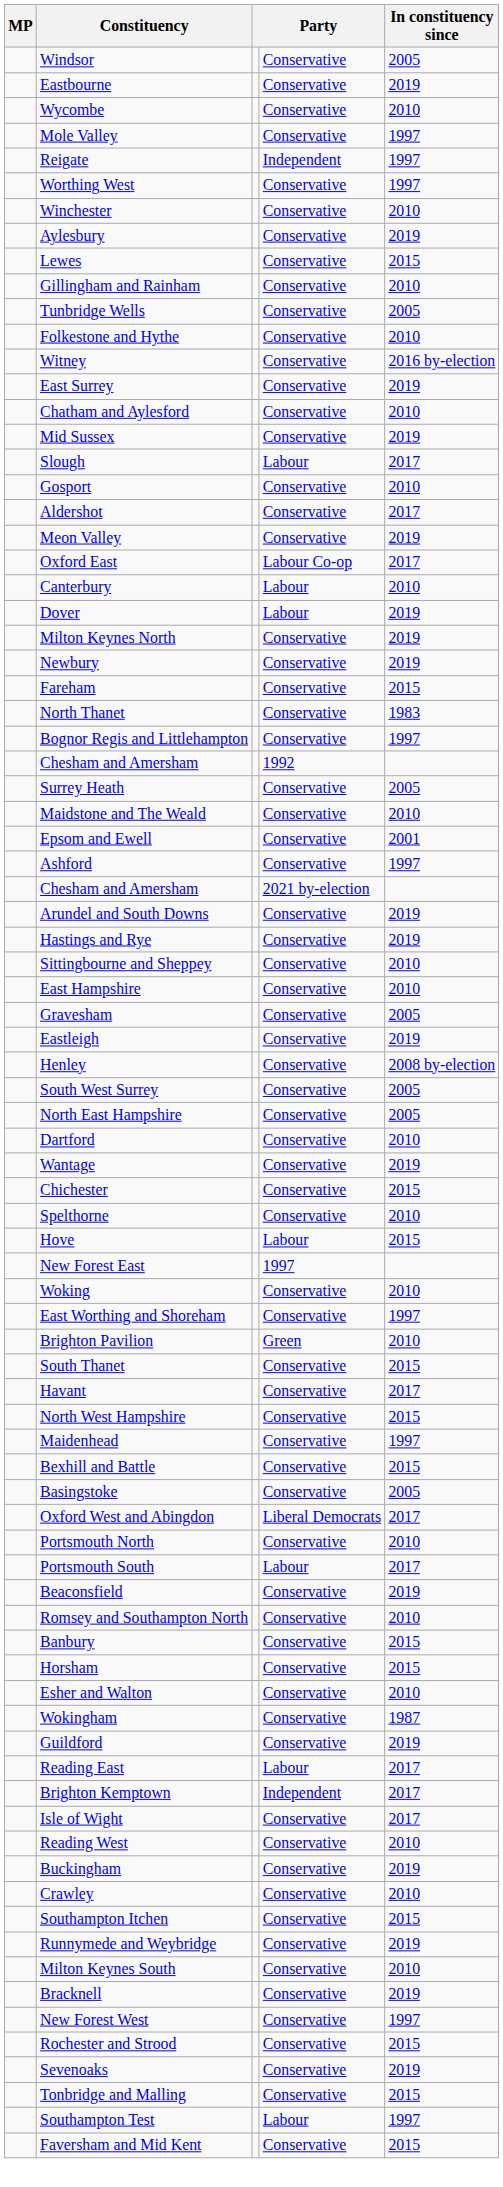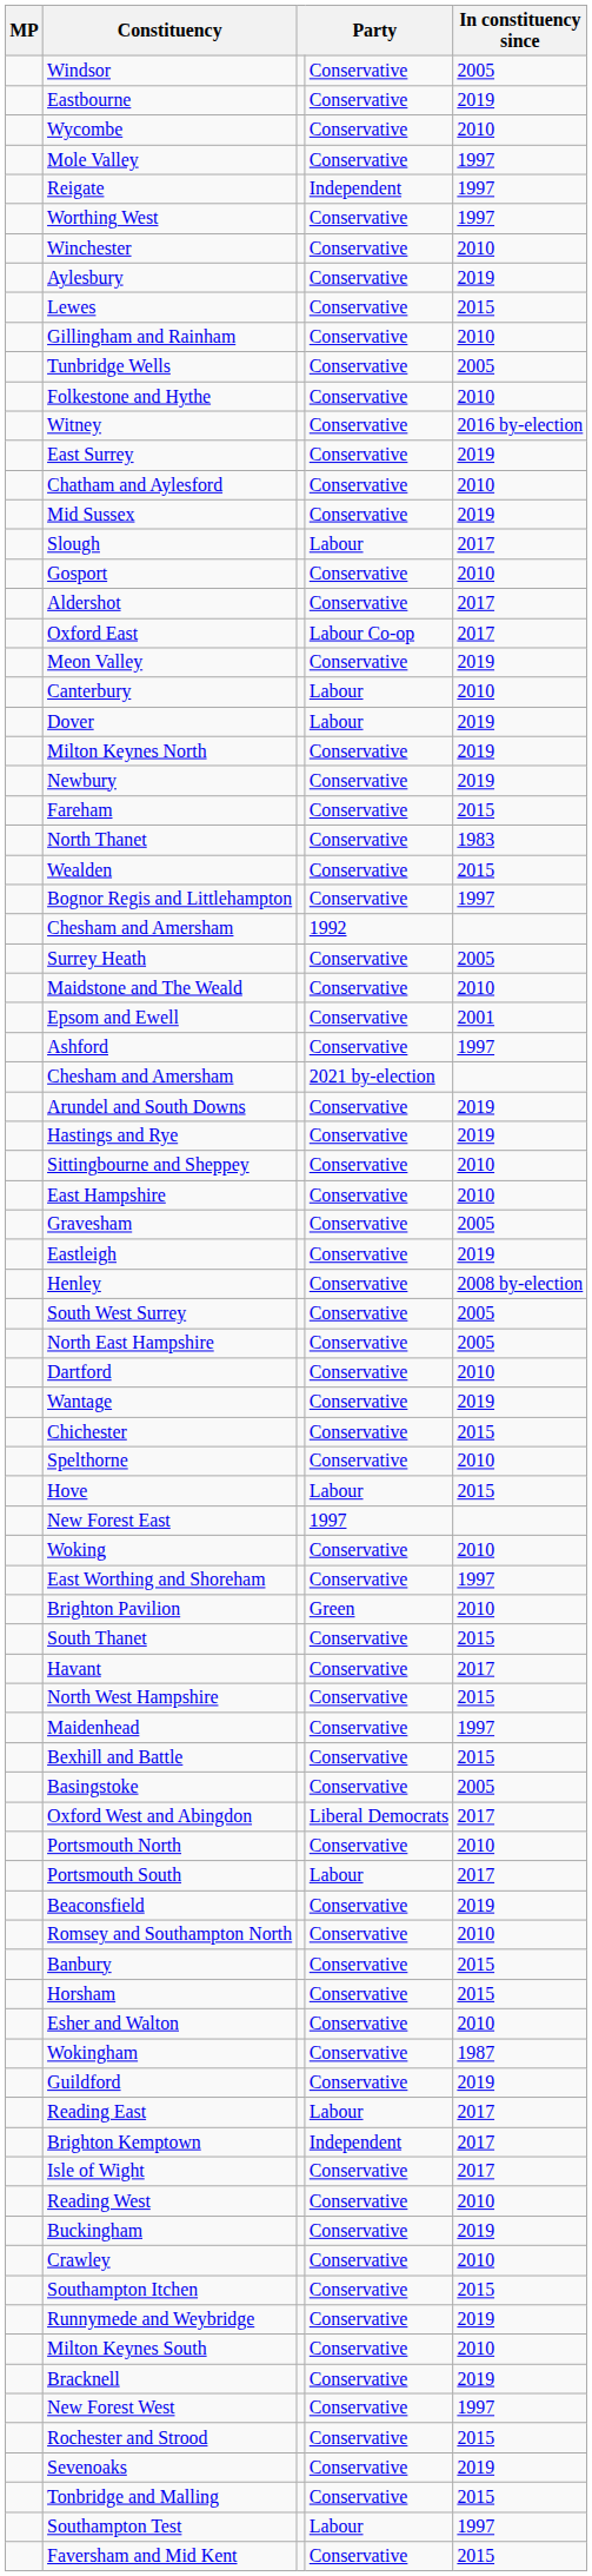 <table class="wikitable sortable">
 <tr>
 <th>MP</th>
 <th>Constituency</th>
 <th colspan="2">Party</th>
 <th>In constituency<br>since</th>
 </tr>
 <tr>
 <td></td>
 <td><a href='#'>Windsor</a></td>
 <td style="color:inherit;background-color: "></td>
 <td><a href='#'>Conservative</a></td>
 <td><a href='#'>2005</a></td>
 </tr>
 <tr>
 <td></td>
 <td><a href='#'>Eastbourne</a></td>
 <td style="color:inherit;background-color: "></td>
 <td><a href='#'>Conservative</a></td>
 <td><a href='#'>2019</a></td>
 </tr>
 <tr>
 <td></td>
 <td><a href='#'>Wycombe</a></td>
 <td style="color:inherit;background-color: "></td>
 <td><a href='#'>Conservative</a></td>
 <td><a href='#'>2010</a></td>
 </tr>
 <tr>
 <td></td>
 <td><a href='#'>Mole Valley</a></td>
 <td style="color:inherit;background-color: "></td>
 <td><a href='#'>Conservative</a></td>
 <td><a href='#'>1997</a></td>
 </tr>
 <tr>
 <td></td>
 <td><a href='#'>Reigate</a></td>
 <td style="color:inherit;background-color: "></td>
 <td><a href='#'>Independent</a></td>
 <td><a href='#'>1997</a></td>
 </tr>
 <tr>
 <td></td>
 <td><a href='#'>Worthing West</a></td>
 <td style="color:inherit;background-color: "></td>
 <td><a href='#'>Conservative</a></td>
 <td><a href='#'>1997</a></td>
 </tr>
 <tr>
 <td></td>
 <td><a href='#'>Winchester</a></td>
 <td style="color:inherit;background-color: "></td>
 <td><a href='#'>Conservative</a></td>
 <td><a href='#'>2010</a></td>
 </tr>
 <tr>
 <td></td>
 <td><a href='#'>Aylesbury</a></td>
 <td style="color:inherit;background-color: "></td>
 <td><a href='#'>Conservative</a></td>
 <td><a href='#'>2019</a></td>
 </tr>
 <tr>
 <td></td>
 <td><a href='#'>Lewes</a></td>
 <td style="color:inherit;background-color: "></td>
 <td><a href='#'>Conservative</a></td>
 <td><a href='#'>2015</a></td>
 </tr>
 <tr>
 <td></td>
 <td><a href='#'>Gillingham and Rainham</a></td>
 <td style="color:inherit;background-color: "></td>
 <td><a href='#'>Conservative</a></td>
 <td><a href='#'>2010</a></td>
 </tr>
 <tr>
 <td></td>
 <td><a href='#'>Tunbridge Wells</a></td>
 <td style="color:inherit;background-color: "></td>
 <td><a href='#'>Conservative</a></td>
 <td><a href='#'>2005</a></td>
 </tr>
 <tr>
 <td></td>
 <td><a href='#'>Folkestone and Hythe</a></td>
 <td style="color:inherit;background-color: "></td>
 <td><a href='#'>Conservative</a></td>
 <td><a href='#'>2010</a></td>
 </tr>
 <tr>
 <td></td>
 <td><a href='#'>Witney</a></td>
 <td style="color:inherit;background-color: "></td>
 <td><a href='#'>Conservative</a></td>
 <td><a href='#'>2016 by-election</a></td>
 </tr>
 <tr>
 <td></td>
 <td><a href='#'>East Surrey</a></td>
 <td style="color:inherit;background-color: "></td>
 <td><a href='#'>Conservative</a></td>
 <td><a href='#'>2019</a></td>
 </tr>
 <tr>
 <td></td>
 <td><a href='#'>Chatham and Aylesford</a></td>
 <td style="color:inherit;background-color: "></td>
 <td><a href='#'>Conservative</a></td>
 <td><a href='#'>2010</a></td>
 </tr>
 <tr>
 <td></td>
 <td><a href='#'>Mid Sussex</a></td>
 <td style="color:inherit;background-color: "></td>
 <td><a href='#'>Conservative</a></td>
 <td><a href='#'>2019</a></td>
 </tr>
 <tr>
 <td></td>
 <td><a href='#'>Slough</a></td>
 <td style="color:inherit;background-color: "></td>
 <td><a href='#'>Labour</a></td>
 <td><a href='#'>2017</a></td>
 </tr>
 <tr>
 <td></td>
 <td><a href='#'>Gosport</a></td>
 <td style="color:inherit;background-color: "></td>
 <td><a href='#'>Conservative</a></td>
 <td><a href='#'>2010</a></td>
 </tr>
 <tr>
 <td></td>
 <td><a href='#'>Aldershot</a></td>
 <td style="color:inherit;background-color: "></td>
 <td><a href='#'>Conservative</a></td>
 <td><a href='#'>2017</a></td>
 </tr>
 <tr>
 <td></td>
+<td><a href='#'>Oxford East</a></td>
+<td style="color:inherit;background-color: "></td>
+<td><a href='#'>Labour Co-op</a></td>
+<td><a href='#'>2017</a></td>
+</tr>
+<tr>
+<td></td>
 <td><a href='#'>Meon Valley</a></td>
 <td style="color:inherit;background-color: "></td>
 <td><a href='#'>Conservative</a></td>
 <td><a href='#'>2019</a></td>
-</tr>
-<tr>
-<td></td>
-<td><a href='#'>Oxford East</a></td>
-<td style="color:inherit;background-color: "></td>
-<td><a href='#'>Labour Co-op</a></td>
-<td><a href='#'>2017</a></td>
 </tr>
 <tr>
 <td></td>
 <td><a href='#'>Canterbury</a></td>
 <td style="color:inherit;background-color: "></td>
 <td><a href='#'>Labour</a></td>
 <td><a href='#'>2010</a></td>
 </tr>
 <tr>
 <td></td>
 <td><a href='#'>Dover</a></td>
 <td style="color:inherit;background-color: "></td>
 <td><a href='#'>Labour</a></td>
 <td><a href='#'>2019</a></td>
 </tr>
 <tr>
 <td></td>
 <td><a href='#'>Milton Keynes North</a></td>
 <td style="color:inherit;background-color: "></td>
 <td><a href='#'>Conservative</a></td>
 <td><a href='#'>2019</a></td>
 </tr>
 <tr>
 <td></td>
 <td><a href='#'>Newbury</a></td>
 <td style="color:inherit;background-color: "></td>
 <td><a href='#'>Conservative</a></td>
 <td><a href='#'>2019</a></td>
 </tr>
 <tr>
 <td></td>
 <td><a href='#'>Fareham</a></td>
 <td style="color:inherit;background-color: "></td>
 <td><a href='#'>Conservative</a></td>
 <td><a href='#'>2015</a></td>
 </tr>
 <tr>
 <td></td>
 <td><a href='#'>North Thanet</a></td>
 <td style="color:inherit;background-color: "></td>
 <td><a href='#'>Conservative</a></td>
 <td><a href='#'>1983</a></td>
+</tr>
+<tr>
+<td></td>
+<td><a href='#'>Wealden</a></td>
+<td style="color:inherit;background-color: "></td>
+<td><a href='#'>Conservative</a></td>
+<td><a href='#'>2015</a></td>
 </tr>
 <tr>
 <td></td>
 <td><a href='#'>Bognor Regis and Littlehampton</a></td>
 <td style="color:inherit;background-color: "></td>
 <td><a href='#'>Conservative</a></td>
 <td><a href='#'>1997</a></td>
 </tr>
 <tr>
 <td><em></em></td>
 <td><a href='#'>Chesham and Amersham</a></td>
 <td></td>
 <td><a href='#'>1992</a></td>
 </tr>
 <tr>
 <td></td>
 <td><a href='#'>Surrey Heath</a></td>
 <td style="color:inherit;background-color: "></td>
 <td><a href='#'>Conservative</a></td>
 <td><a href='#'>2005</a></td>
 </tr>
 <tr>
 <td></td>
 <td><a href='#'>Maidstone and The Weald</a></td>
 <td style="color:inherit;background-color: "></td>
 <td><a href='#'>Conservative</a></td>
 <td><a href='#'>2010</a></td>
 </tr>
 <tr>
 <td></td>
 <td><a href='#'>Epsom and Ewell</a></td>
 <td style="color:inherit;background-color: "></td>
 <td><a href='#'>Conservative</a></td>
 <td><a href='#'>2001</a></td>
 </tr>
 <tr>
 <td></td>
 <td><a href='#'>Ashford</a></td>
 <td style="color:inherit;background-color: "></td>
 <td><a href='#'>Conservative</a></td>
 <td><a href='#'>1997</a></td>
 </tr>
 <tr>
 <td></td>
 <td><a href='#'>Chesham and Amersham</a></td>
 <td></td>
 <td><a href='#'>2021 by-election</a></td>
 </tr>
 <tr>
 <td></td>
 <td><a href='#'>Arundel and South Downs</a></td>
 <td style="color:inherit;background-color: "></td>
 <td><a href='#'>Conservative</a></td>
 <td><a href='#'>2019</a></td>
 </tr>
 <tr>
 <td></td>
 <td><a href='#'>Hastings and Rye</a></td>
 <td style="color:inherit;background-color: "></td>
 <td><a href='#'>Conservative</a></td>
 <td><a href='#'>2019</a></td>
 </tr>
 <tr>
 <td></td>
 <td><a href='#'>Sittingbourne and Sheppey</a></td>
 <td style="color:inherit;background-color: "></td>
 <td><a href='#'>Conservative</a></td>
 <td><a href='#'>2010</a></td>
 </tr>
 <tr>
 <td></td>
 <td><a href='#'>East Hampshire</a></td>
 <td style="color:inherit;background-color: "></td>
 <td><a href='#'>Conservative</a></td>
 <td><a href='#'>2010</a></td>
 </tr>
 <tr>
 <td></td>
 <td><a href='#'>Gravesham</a></td>
 <td style="color:inherit;background-color: "></td>
 <td><a href='#'>Conservative</a></td>
 <td><a href='#'>2005</a></td>
 </tr>
 <tr>
 <td></td>
 <td><a href='#'>Eastleigh</a></td>
 <td style="color:inherit;background-color: "></td>
 <td><a href='#'>Conservative</a></td>
 <td><a href='#'>2019</a></td>
 </tr>
 <tr>
 <td></td>
 <td><a href='#'>Henley</a></td>
 <td style="color:inherit;background-color: "></td>
 <td><a href='#'>Conservative</a></td>
 <td><a href='#'>2008 by-election</a></td>
 </tr>
 <tr>
 <td></td>
 <td><a href='#'>South West Surrey</a></td>
 <td style="color:inherit;background-color: "></td>
 <td><a href='#'>Conservative</a></td>
 <td><a href='#'>2005</a></td>
 </tr>
 <tr>
 <td></td>
 <td><a href='#'>North East Hampshire</a></td>
 <td style="color:inherit;background-color: "></td>
 <td><a href='#'>Conservative</a></td>
 <td><a href='#'>2005</a></td>
 </tr>
 <tr>
 <td></td>
 <td><a href='#'>Dartford</a></td>
 <td style="color:inherit;background-color: "></td>
 <td><a href='#'>Conservative</a></td>
 <td><a href='#'>2010</a></td>
 </tr>
 <tr>
 <td></td>
 <td><a href='#'>Wantage</a></td>
 <td style="color:inherit;background-color: "></td>
 <td><a href='#'>Conservative</a></td>
 <td><a href='#'>2019</a></td>
 </tr>
 <tr>
 <td></td>
 <td><a href='#'>Chichester</a></td>
 <td style="color:inherit;background-color: "></td>
 <td><a href='#'>Conservative</a></td>
 <td><a href='#'>2015</a></td>
 </tr>
 <tr>
 <td></td>
 <td><a href='#'>Spelthorne</a></td>
 <td style="color:inherit;background-color: "></td>
 <td><a href='#'>Conservative</a></td>
 <td><a href='#'>2010</a></td>
 </tr>
 <tr>
 <td></td>
 <td><a href='#'>Hove</a></td>
 <td style="color:inherit;background-color: "></td>
 <td><a href='#'>Labour</a></td>
 <td><a href='#'>2015</a></td>
 </tr>
 <tr>
 <td></td>
 <td><a href='#'>New Forest East</a></td>
 <td></td>
 <td><a href='#'>1997</a></td>
 </tr>
 <tr>
 <td></td>
 <td><a href='#'>Woking</a></td>
 <td style="color:inherit;background-color: "></td>
 <td><a href='#'>Conservative</a></td>
 <td><a href='#'>2010</a></td>
 </tr>
 <tr>
 <td></td>
 <td><a href='#'>East Worthing and Shoreham</a></td>
 <td style="color:inherit;background-color: "></td>
 <td><a href='#'>Conservative</a></td>
 <td><a href='#'>1997</a></td>
 </tr>
 <tr>
 <td></td>
 <td><a href='#'>Brighton Pavilion</a></td>
 <td style="color:inherit;background-color: "></td>
 <td><a href='#'>Green</a></td>
 <td><a href='#'>2010</a></td>
 </tr>
 <tr>
 <td></td>
 <td><a href='#'>South Thanet</a></td>
 <td style="color:inherit;background-color: "></td>
 <td><a href='#'>Conservative</a></td>
 <td><a href='#'>2015</a></td>
 </tr>
 <tr>
 <td></td>
 <td><a href='#'>Havant</a></td>
 <td style="color:inherit;background-color: "></td>
 <td><a href='#'>Conservative</a></td>
 <td><a href='#'>2017</a></td>
 </tr>
 <tr>
 <td></td>
 <td><a href='#'>North West Hampshire</a></td>
 <td style="color:inherit;background-color: "></td>
 <td><a href='#'>Conservative</a></td>
 <td><a href='#'>2015</a></td>
 </tr>
 <tr>
 <td></td>
 <td><a href='#'>Maidenhead</a></td>
 <td style="color:inherit;background-color: "></td>
 <td><a href='#'>Conservative</a></td>
 <td><a href='#'>1997</a></td>
 </tr>
 <tr>
 <td></td>
 <td><a href='#'>Bexhill and Battle</a></td>
 <td style="color:inherit;background-color: "></td>
 <td><a href='#'>Conservative</a></td>
 <td><a href='#'>2015</a></td>
 </tr>
 <tr>
 <td></td>
 <td><a href='#'>Basingstoke</a></td>
 <td style="color:inherit;background-color: "></td>
 <td><a href='#'>Conservative</a></td>
 <td><a href='#'>2005</a></td>
 </tr>
 <tr>
 <td></td>
 <td><a href='#'>Oxford West and Abingdon</a></td>
 <td style="color:inherit;background-color: "></td>
 <td><a href='#'>Liberal Democrats</a></td>
 <td><a href='#'>2017</a></td>
 </tr>
 <tr>
 <td></td>
 <td><a href='#'>Portsmouth North</a></td>
 <td style="color:inherit;background-color: "></td>
 <td><a href='#'>Conservative</a></td>
 <td><a href='#'>2010</a></td>
 </tr>
 <tr>
 <td></td>
 <td><a href='#'>Portsmouth South</a></td>
 <td style="color:inherit;background-color: "></td>
 <td><a href='#'>Labour</a></td>
 <td><a href='#'>2017</a></td>
 </tr>
 <tr>
 <td></td>
 <td><a href='#'>Beaconsfield</a></td>
 <td style="color:inherit;background-color: "></td>
 <td><a href='#'>Conservative</a></td>
 <td><a href='#'>2019</a></td>
 </tr>
 <tr>
 <td></td>
 <td><a href='#'>Romsey and Southampton North</a></td>
 <td style="color:inherit;background-color: "></td>
 <td><a href='#'>Conservative</a></td>
 <td><a href='#'>2010</a></td>
 </tr>
 <tr>
 <td></td>
 <td><a href='#'>Banbury</a></td>
 <td style="color:inherit;background-color: "></td>
 <td><a href='#'>Conservative</a></td>
 <td><a href='#'>2015</a></td>
 </tr>
 <tr>
 <td></td>
 <td><a href='#'>Horsham</a></td>
 <td style="color:inherit;background-color: "></td>
 <td><a href='#'>Conservative</a></td>
 <td><a href='#'>2015</a></td>
 </tr>
 <tr>
 <td></td>
 <td><a href='#'>Esher and Walton</a></td>
 <td style="color:inherit;background-color: "></td>
 <td><a href='#'>Conservative</a></td>
 <td><a href='#'>2010</a></td>
 </tr>
 <tr>
 <td></td>
 <td><a href='#'>Wokingham</a></td>
 <td style="color:inherit;background-color: "></td>
 <td><a href='#'>Conservative</a></td>
 <td><a href='#'>1987</a></td>
 </tr>
 <tr>
 <td></td>
 <td><a href='#'>Guildford</a></td>
 <td style="color:inherit;background-color: "></td>
 <td><a href='#'>Conservative</a></td>
 <td><a href='#'>2019</a></td>
 </tr>
 <tr>
 <td></td>
 <td><a href='#'>Reading East</a></td>
 <td style="color:inherit;background-color: "></td>
 <td><a href='#'>Labour</a></td>
 <td><a href='#'>2017</a></td>
 </tr>
 <tr>
 <td></td>
 <td><a href='#'>Brighton Kemptown</a></td>
 <td style="color:inherit;background-color: "></td>
 <td><a href='#'>Independent</a></td>
 <td><a href='#'>2017</a></td>
 </tr>
 <tr>
 <td></td>
 <td><a href='#'>Isle of Wight</a></td>
 <td style="color:inherit;background-color: "></td>
 <td><a href='#'>Conservative</a></td>
 <td><a href='#'>2017</a></td>
 </tr>
 <tr>
 <td></td>
 <td><a href='#'>Reading West</a></td>
 <td style="color:inherit;background-color: "></td>
 <td><a href='#'>Conservative</a></td>
 <td><a href='#'>2010</a></td>
 </tr>
 <tr>
 <td></td>
 <td><a href='#'>Buckingham</a></td>
 <td style="color:inherit;background-color: "></td>
 <td><a href='#'>Conservative</a></td>
 <td><a href='#'>2019</a></td>
 </tr>
 <tr>
 <td></td>
 <td><a href='#'>Crawley</a></td>
 <td style="color:inherit;background-color: "></td>
 <td><a href='#'>Conservative</a></td>
 <td><a href='#'>2010</a></td>
 </tr>
 <tr>
 <td></td>
 <td><a href='#'>Southampton Itchen</a></td>
 <td style="color:inherit;background-color: "></td>
 <td><a href='#'>Conservative</a></td>
 <td><a href='#'>2015</a></td>
 </tr>
 <tr>
 <td></td>
 <td><a href='#'>Runnymede and Weybridge</a></td>
 <td style="color:inherit;background-color: "></td>
 <td><a href='#'>Conservative</a></td>
 <td><a href='#'>2019</a></td>
 </tr>
 <tr>
 <td></td>
 <td><a href='#'>Milton Keynes South</a></td>
 <td style="color:inherit;background-color: "></td>
 <td><a href='#'>Conservative</a></td>
 <td><a href='#'>2010</a></td>
 </tr>
 <tr>
 <td></td>
 <td><a href='#'>Bracknell</a></td>
 <td style="color:inherit;background-color: "></td>
 <td><a href='#'>Conservative</a></td>
 <td><a href='#'>2019</a></td>
 </tr>
 <tr>
 <td></td>
 <td><a href='#'>New Forest West</a></td>
 <td style="color:inherit;background-color: "></td>
 <td><a href='#'>Conservative</a></td>
 <td><a href='#'>1997</a></td>
 </tr>
 <tr>
 <td></td>
 <td><a href='#'>Rochester and Strood</a></td>
 <td style="color:inherit;background-color: "></td>
 <td><a href='#'>Conservative</a></td>
 <td><a href='#'>2015</a></td>
 </tr>
 <tr>
 <td></td>
 <td><a href='#'>Sevenoaks</a></td>
 <td style="color:inherit;background-color: "></td>
 <td><a href='#'>Conservative</a></td>
 <td><a href='#'>2019</a></td>
 </tr>
 <tr>
 <td></td>
 <td><a href='#'>Tonbridge and Malling</a></td>
 <td style="color:inherit;background-color: "></td>
 <td><a href='#'>Conservative</a></td>
 <td><a href='#'>2015</a></td>
 </tr>
 <tr>
 <td></td>
 <td><a href='#'>Southampton Test</a></td>
 <td style="color:inherit;background-color: "></td>
 <td><a href='#'>Labour</a></td>
 <td><a href='#'>1997</a></td>
 </tr>
 <tr>
 <td></td>
 <td><a href='#'>Faversham and Mid Kent</a></td>
 <td style="color:inherit;background-color: "></td>
 <td><a href='#'>Conservative</a></td>
 <td><a href='#'>2015</a></td>
 </tr>
 </table>
